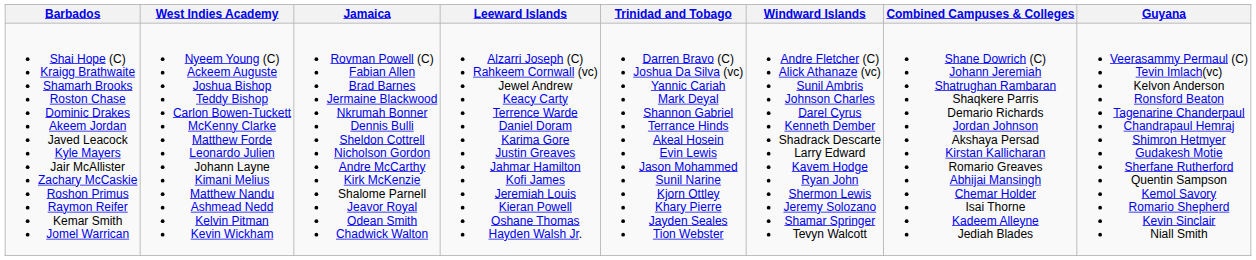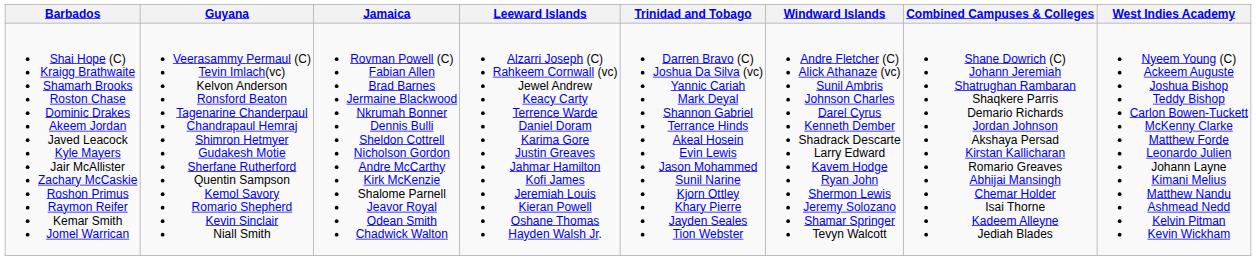 <table class="wikitable" style="text-align:center; margin:auto">
 <tr>
 <th><a href='#'>Barbados</a> <br><small></small></th>
-<th><a href='#'>West Indies Academy</a> <br><small></small></th>
+<th><a href='#'>Guyana</a> <br><small></small></th>
 <th><a href='#'>Jamaica</a>  <br><small></small></th>
 <th><a href='#'>Leeward Islands</a>  <br><small></small></th>
 <th><a href='#'>Trinidad and Tobago</a> <br><small></small></th>
 <th><a href='#'>Windward Islands</a>  <br><small></small></th>
 <th><a href='#'>Combined Campuses & Colleges</a> <br><small></small></th>
-<th><a href='#'>Guyana</a> <br><small></small></th>
+<th><a href='#'>West Indies Academy</a> <br><small></small></th>
 </tr>
 <tr style="vertical-align:top">
 <td><br><ul><li><a href='#'>Shai Hope</a> (C)</li><li><a href='#'>Kraigg Brathwaite</a></li><li><a href='#'>Shamarh Brooks</a></li><li><a href='#'>Roston Chase</a></li><li><a href='#'>Dominic Drakes</a></li><li><a href='#'>Akeem Jordan</a></li><li>Javed Leacock</li><li><a href='#'>Kyle Mayers</a></li><li>Jair McAllister</li><li><a href='#'>Zachary McCaskie</a></li><li><a href='#'>Roshon Primus</a></li><li><a href='#'>Raymon Reifer</a></li><li>Kemar Smith</li><li><a href='#'>Jomel Warrican</a></li></ul></td>
-<td><br><ul><li><a href='#'>Nyeem Young</a> (C)</li><li><a href='#'>Ackeem Auguste</a></li><li><a href='#'>Joshua Bishop</a></li><li><a href='#'>Teddy Bishop</a></li><li><a href='#'>Carlon Bowen-Tuckett</a></li><li><a href='#'>McKenny Clarke</a></li><li><a href='#'>Matthew Forde</a></li><li><a href='#'>Leonardo Julien</a></li><li>Johann Layne</li><li><a href='#'>Kimani Melius</a></li><li><a href='#'>Matthew Nandu</a></li><li><a href='#'>Ashmead Nedd</a></li><li><a href='#'>Kelvin Pitman</a></li><li><a href='#'>Kevin Wickham</a></li></ul></td>
+<td><br><ul><li><a href='#'>Veerasammy Permaul</a> (C)</li><li><a href='#'>Tevin Imlach</a>(vc)</li><li>Kelvon Anderson</li><li><a href='#'>Ronsford Beaton</a></li><li><a href='#'>Tagenarine Chanderpaul</a></li><li><a href='#'>Chandrapaul Hemraj</a></li><li><a href='#'>Shimron Hetmyer</a></li><li><a href='#'>Gudakesh Motie</a></li><li><a href='#'>Sherfane Rutherford</a></li><li>Quentin Sampson</li><li><a href='#'>Kemol Savory</a></li><li><a href='#'>Romario Shepherd</a></li><li><a href='#'>Kevin Sinclair</a></li><li>Niall Smith</li></ul></td>
 <td><br><ul><li><a href='#'>Rovman Powell</a> (C)</li><li><a href='#'>Fabian Allen</a></li><li><a href='#'>Brad Barnes</a></li><li><a href='#'>Jermaine Blackwood</a></li><li><a href='#'>Nkrumah Bonner</a></li><li><a href='#'>Dennis Bulli</a></li><li><a href='#'>Sheldon Cottrell</a></li><li><a href='#'>Nicholson Gordon</a></li><li><a href='#'>Andre McCarthy</a></li><li><a href='#'>Kirk McKenzie</a></li><li>Shalome Parnell</li><li><a href='#'>Jeavor Royal</a></li><li><a href='#'>Odean Smith</a></li><li><a href='#'>Chadwick Walton</a></li></ul></td>
 <td><br><ul><li><a href='#'>Alzarri Joseph</a> (C)</li><li><a href='#'>Rahkeem Cornwall</a> (vc)</li><li>Jewel Andrew</li><li><a href='#'>Keacy Carty</a></li><li><a href='#'>Terrence Warde</a></li><li><a href='#'>Daniel Doram</a></li><li><a href='#'>Karima Gore</a></li><li><a href='#'>Justin Greaves</a></li><li><a href='#'>Jahmar Hamilton</a></li><li><a href='#'>Kofi James</a></li><li><a href='#'>Jeremiah Louis</a></li><li><a href='#'>Kieran Powell</a></li><li><a href='#'>Oshane Thomas</a></li><li><a href='#'>Hayden Walsh Jr</a>.</li></ul></td>
 <td><br><ul><li><a href='#'>Darren Bravo</a> (C)</li><li><a href='#'>Joshua Da Silva</a> (vc)</li><li><a href='#'>Yannic Cariah</a></li><li><a href='#'>Mark Deyal</a></li><li><a href='#'>Shannon Gabriel</a></li><li><a href='#'>Terrance Hinds</a></li><li><a href='#'>Akeal Hosein</a></li><li><a href='#'>Evin Lewis</a></li><li><a href='#'>Jason Mohammed</a></li><li><a href='#'>Sunil Narine</a></li><li><a href='#'>Kjorn Ottley</a></li><li><a href='#'>Khary Pierre</a></li><li><a href='#'>Jayden Seales</a></li><li><a href='#'>Tion Webster</a></li></ul></td>
 <td><br><ul><li><a href='#'>Andre Fletcher</a> (C)</li><li><a href='#'>Alick Athanaze</a> (vc)</li><li><a href='#'>Sunil Ambris</a></li><li><a href='#'>Johnson Charles</a></li><li><a href='#'>Darel Cyrus</a></li><li><a href='#'>Kenneth Dember</a></li><li>Shadrack Descarte</li><li>Larry Edward</li><li><a href='#'>Kavem Hodge</a></li><li><a href='#'>Ryan John</a></li><li><a href='#'>Shermon Lewis</a></li><li><a href='#'>Jeremy Solozano</a></li><li><a href='#'>Shamar Springer</a></li><li>Tevyn Walcott</li></ul></td>
 <td><br><ul><li><a href='#'>Shane Dowrich</a> (C)</li><li><a href='#'>Johann Jeremiah</a></li><li><a href='#'>Shatrughan Rambaran</a></li><li>Shaqkere Parris</li><li>Demario Richards</li><li><a href='#'>Jordan Johnson</a></li><li>Akshaya Persad</li><li><a href='#'>Kirstan Kallicharan</a></li><li>Romario Greaves</li><li><a href='#'>Abhijai Mansingh</a></li><li><a href='#'>Chemar Holder</a></li><li>Isai Thorne</li><li><a href='#'>Kadeem Alleyne</a></li><li>Jediah Blades</li></ul></td>
-<td><br><ul><li><a href='#'>Veerasammy Permaul</a> (C)</li><li><a href='#'>Tevin Imlach</a>(vc)</li><li>Kelvon Anderson</li><li><a href='#'>Ronsford Beaton</a></li><li><a href='#'>Tagenarine Chanderpaul</a></li><li><a href='#'>Chandrapaul Hemraj</a></li><li><a href='#'>Shimron Hetmyer</a></li><li><a href='#'>Gudakesh Motie</a></li><li><a href='#'>Sherfane Rutherford</a></li><li>Quentin Sampson</li><li><a href='#'>Kemol Savory</a></li><li><a href='#'>Romario Shepherd</a></li><li><a href='#'>Kevin Sinclair</a></li><li>Niall Smith</li></ul></td>
+<td><br><ul><li><a href='#'>Nyeem Young</a> (C)</li><li><a href='#'>Ackeem Auguste</a></li><li><a href='#'>Joshua Bishop</a></li><li><a href='#'>Teddy Bishop</a></li><li><a href='#'>Carlon Bowen-Tuckett</a></li><li><a href='#'>McKenny Clarke</a></li><li><a href='#'>Matthew Forde</a></li><li><a href='#'>Leonardo Julien</a></li><li>Johann Layne</li><li><a href='#'>Kimani Melius</a></li><li><a href='#'>Matthew Nandu</a></li><li><a href='#'>Ashmead Nedd</a></li><li><a href='#'>Kelvin Pitman</a></li><li><a href='#'>Kevin Wickham</a></li></ul></td>
 </tr>
 </table>
